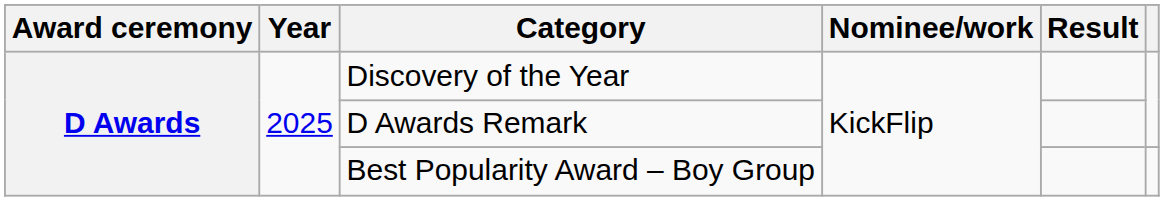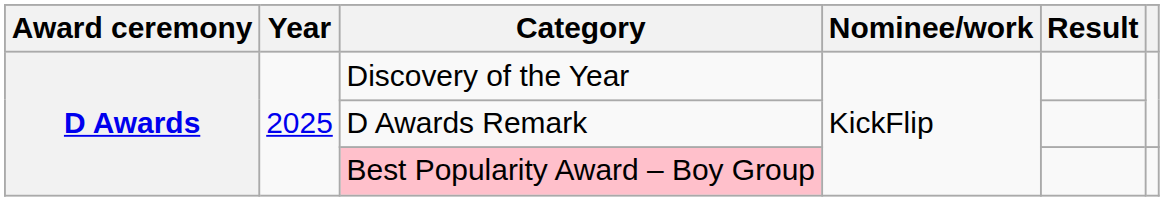 <table class="wikitable plainrowheaders sortable">
 <tr>
 <th scope="col">Award ceremony </th>
 <th scope="col">Year</th>
 <th scope="col">Category </th>
 <th scope="col">Nominee/work</th>
 <th scope="col">Result</th>
 <th scope="col" class="unsortable"></th>
 </tr>
 <tr>
 <th scope="row" rowspan="3"><a href='#'>D Awards</a> </th>
 <td rowspan="3" style="text-align:center"><a href='#'>2025</a></td>
 <td>Discovery of the Year</td>
 <td rowspan="3">KickFlip</td>
 <td></td>
 <td rowspan="2" style="text-align:center"></td>
 </tr>
 <tr>
 <td>D Awards Remark</td>
 <td></td>
 </tr>
 <tr>
-<td>Best Popularity Award – Boy Group</td>
+<td style="background: pink;">Best Popularity Award – Boy Group</td>
 <td></td>
 <td style="text-align:center"></td>
 </tr>
 </table>
